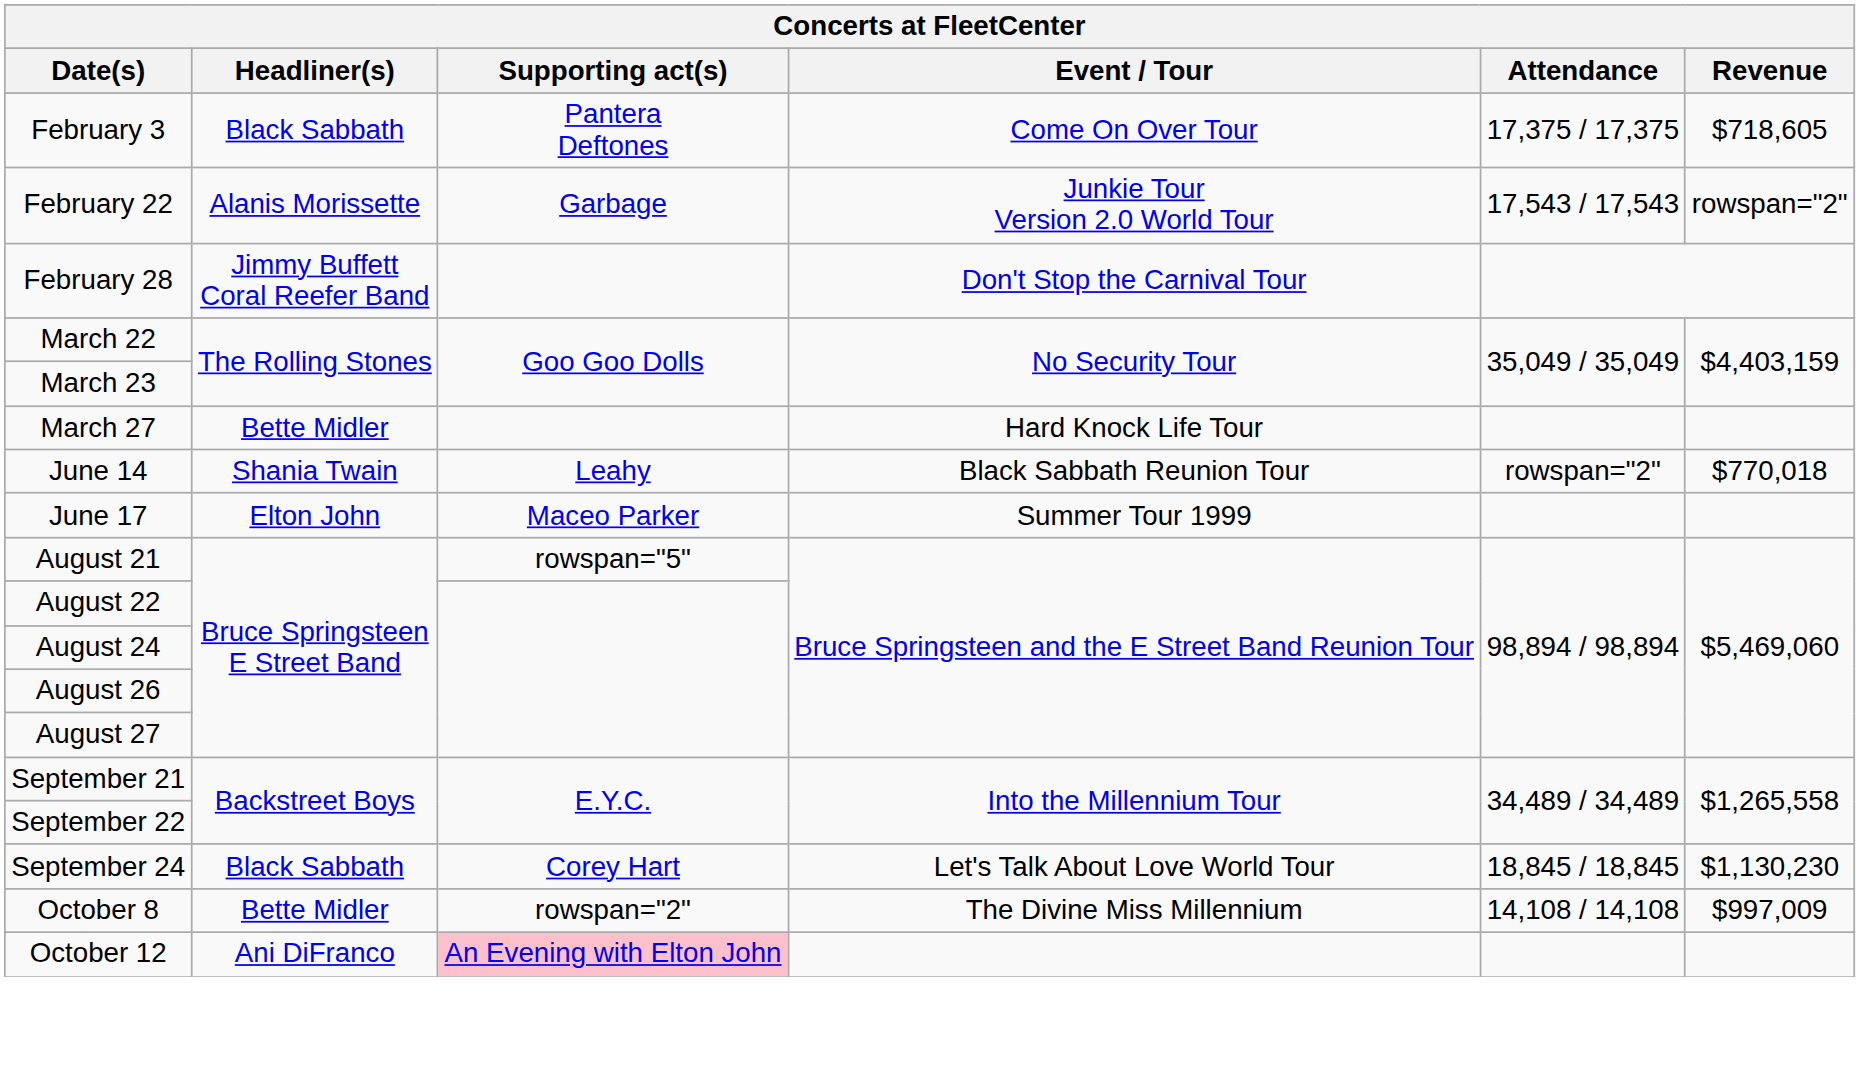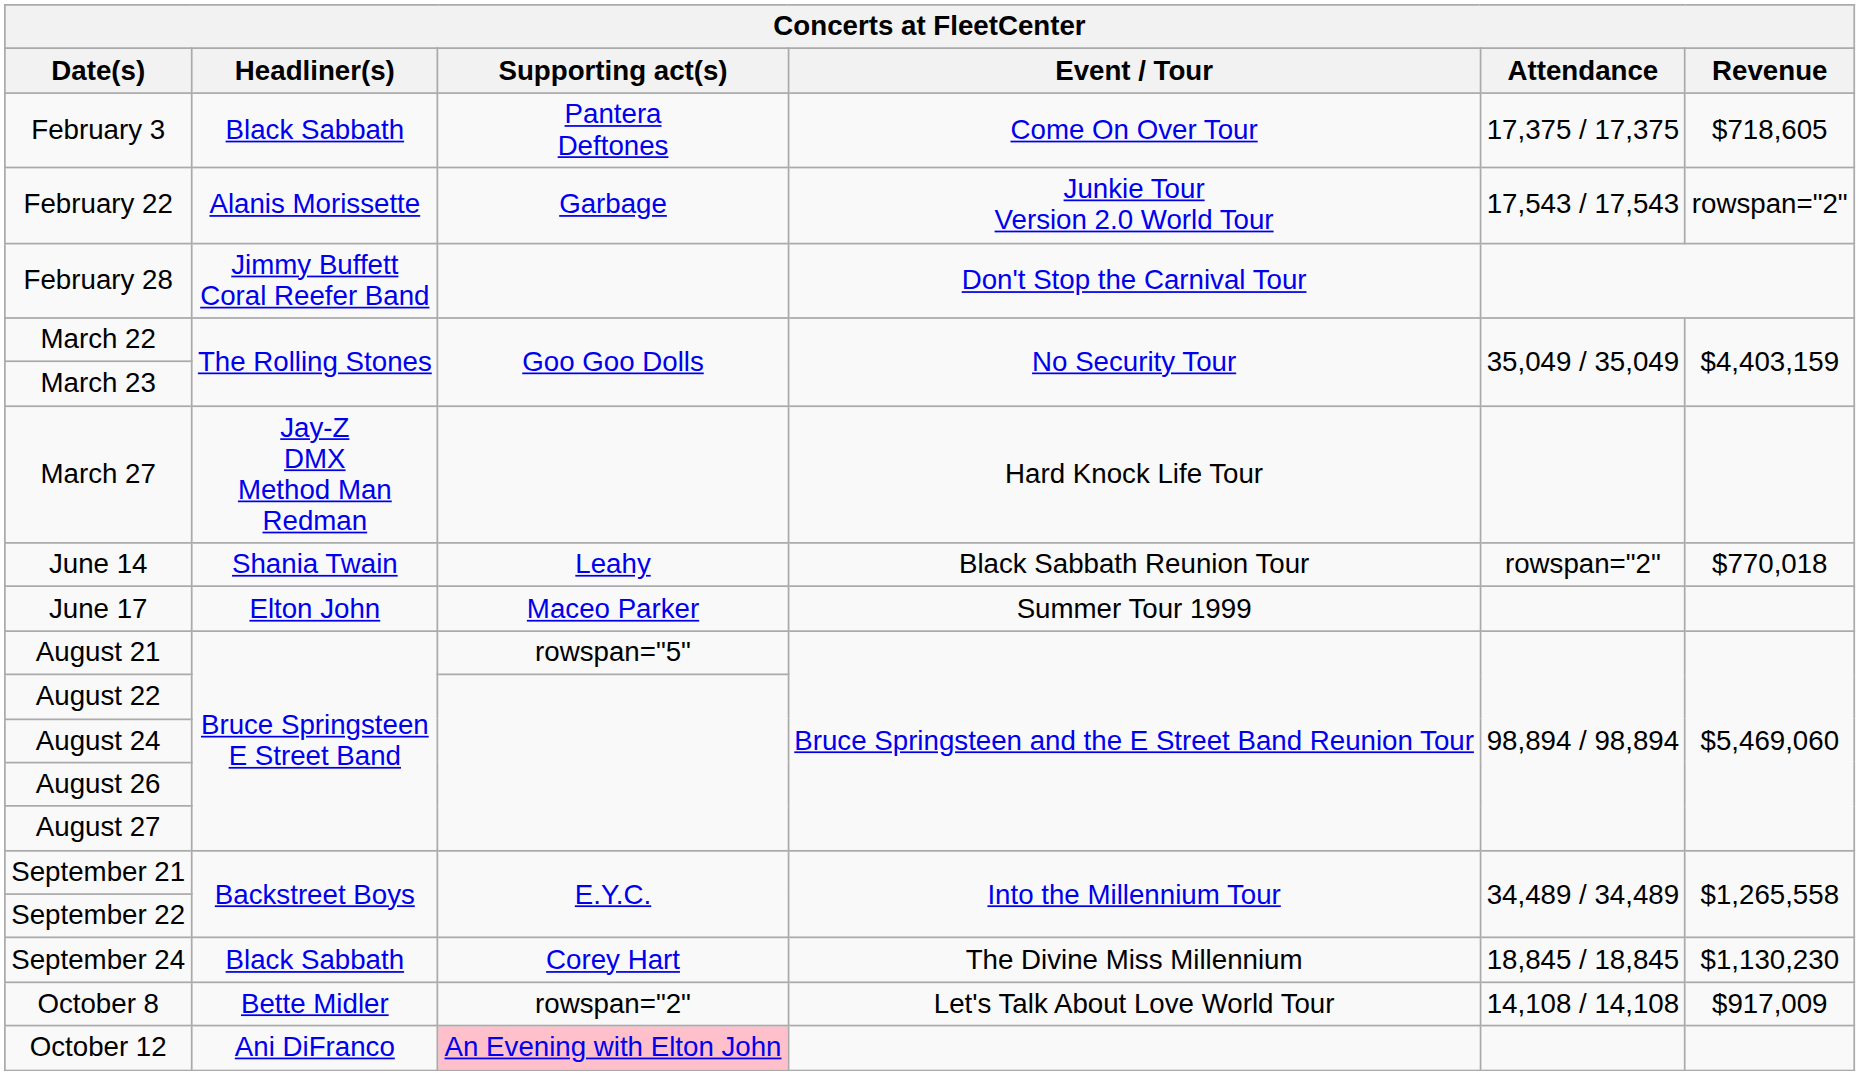 <table class="wikitable mw-collapsible mw-collapsed" style="text-align:center;">
 <tr>
 <th colspan="6">Concerts at FleetCenter</th>
 </tr>
 <tr>
 <th>Date(s)</th>
 <th>Headliner(s)</th>
 <th>Supporting act(s)</th>
 <th>Event / Tour</th>
 <th>Attendance</th>
 <th>Revenue</th>
 </tr>
 <tr>
 <td>February 3</td>
 <td><a href='#'>Black Sabbath</a></td>
 <td><a href='#'>Pantera</a><br><a href='#'>Deftones</a></td>
 <td><a href='#'>Come On Over Tour</a></td>
 <td>17,375 / 17,375</td>
 <td>$718,605</td>
 </tr>
 <tr>
 <td>February 22</td>
 <td><a href='#'>Alanis Morissette</a></td>
 <td><a href='#'>Garbage</a></td>
 <td><a href='#'>Junkie Tour</a><br><a href='#'>Version 2.0 World Tour</a></td>
 <td>17,543 / 17,543</td>
 <td>rowspan="2" </td>
 </tr>
 <tr>
 <td>February 28</td>
 <td><a href='#'>Jimmy Buffett</a><br><a href='#'>Coral Reefer Band</a></td>
 <td></td>
 <td><a href='#'>Don't Stop the Carnival Tour</a></td>
 </tr>
 <tr>
 <td>March 22</td>
 <td rowspan="2"><a href='#'>The Rolling Stones</a></td>
 <td rowspan="2"><a href='#'>Goo Goo Dolls</a></td>
 <td rowspan="2"><a href='#'>No Security Tour</a></td>
 <td rowspan="2">35,049 / 35,049</td>
 <td rowspan="2">$4,403,159</td>
 </tr>
 <tr>
 <td>March 23</td>
 </tr>
 <tr>
 <td>March 27</td>
-<td><a href='#'>Bette Midler</a></td>
+<td><a href='#'>Jay-Z</a><br><a href='#'>DMX</a><br><a href='#'>Method Man</a><br><a href='#'>Redman</a></td>
 <td></td>
 <td>Hard Knock Life Tour</td>
 <td></td>
 <td></td>
 </tr>
 <tr>
 <td>June 14</td>
 <td><a href='#'>Shania Twain</a></td>
 <td><a href='#'>Leahy</a></td>
 <td>Black Sabbath Reunion Tour</td>
 <td>rowspan="2" </td>
 <td>$770,018</td>
 </tr>
 <tr>
 <td>June 17</td>
 <td><a href='#'>Elton John</a></td>
 <td><a href='#'>Maceo Parker</a></td>
 <td>Summer Tour 1999</td>
 <td></td>
 <td></td>
 </tr>
 <tr>
 <td>August 21</td>
 <td rowspan="5"><a href='#'>Bruce Springsteen</a><br><a href='#'>E Street Band</a></td>
 <td>rowspan="5" </td>
 <td rowspan="5"><a href='#'>Bruce Springsteen and the E Street Band Reunion Tour</a></td>
 <td rowspan="5">98,894 / 98,894</td>
 <td rowspan="5">$5,469,060</td>
 </tr>
 <tr>
 <td>August 22</td>
 </tr>
 <tr>
 <td>August 24</td>
 </tr>
 <tr>
 <td>August 26</td>
 </tr>
 <tr>
 <td>August 27</td>
 </tr>
 <tr>
 <td>September 21</td>
 <td rowspan="2"><a href='#'>Backstreet Boys</a></td>
 <td rowspan="2"><a href='#'>E.Y.C.</a></td>
 <td rowspan="2"><a href='#'>Into the Millennium Tour</a></td>
 <td rowspan="2">34,489 / 34,489</td>
 <td rowspan="2">$1,265,558</td>
 </tr>
 <tr>
 <td>September 22</td>
 </tr>
 <tr>
 <td>September 24</td>
 <td><a href='#'>Black Sabbath</a></td>
 <td><a href='#'>Corey Hart</a></td>
-<td>Let's Talk About Love World Tour</td>
+<td>The Divine Miss Millennium</td>
 <td>18,845 / 18,845</td>
 <td>$1,130,230</td>
 </tr>
 <tr>
 <td>October 8</td>
 <td><a href='#'>Bette Midler</a></td>
 <td>rowspan="2" </td>
-<td>The Divine Miss Millennium</td>
+<td>Let's Talk About Love World Tour</td>
 <td>14,108 / 14,108</td>
-<td>$997,009</td>
+<td>$917,009</td>
 </tr>
 <tr>
 <td>October 12</td>
 <td><a href='#'>Ani DiFranco</a></td>
 <td style="background: pink;"><a href='#'>An Evening with Elton John</a></td>
 <td></td>
 <td></td>
 </tr>
 </table>
